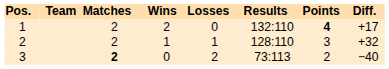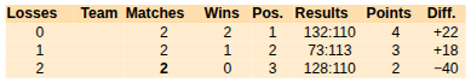 <table style="text-align:left" border="0" cellspacing="0" align="right" width="500px">
 <tr bgcolor="#FFDEAD">
-<th>Pos.</th>
+<th>Losses</th>
 <th align="center">Team</th>
 <th>Matches</th>
 <th>Wins</th>
-<th>Losses</th>
+<th>Pos.</th>
 <th>Results</th>
 <th>Points</th>
 <th>Diff.</th>
 </tr>
 <tr bgcolor="#FFECCE" align="center">
+<td>0</td>
+<td align="left"></td>
+<td>2</td>
+<td>2</td>
+<td>1</td>
+<td>132:110</td>
+<td>4</td>
+<td>+22</td>
+</tr>
+<tr bgcolor="#FFECCE" align="center">
 <td>1</td>
 <td align="left"></td>
 <td>2</td>
+<td>1</td>
 <td>2</td>
-<td>0</td>
-<td>132:110</td>
-<td><strong>4</strong></td>
-<td>+17</td>
+<td>73:113</td>
+<td>3</td>
+<td>+18</td>
 </tr>
 <tr bgcolor="#FFECCE" align="center">
 <td>2</td>
 <td align="left"></td>
-<td>2</td>
-<td>1</td>
-<td>1</td>
-<td>128:110</td>
-<td>3</td>
-<td>+32</td>
-</tr>
-<tr bgcolor="#FFECCE" align="center">
-<td>3</td>
-<td align="left"></td>
 <td><strong>2</strong></td>
 <td>0</td>
-<td>2</td>
-<td>73:113</td>
+<td>3</td>
+<td>128:110</td>
 <td>2</td>
 <td>−40</td>
 </tr>
 </table>
